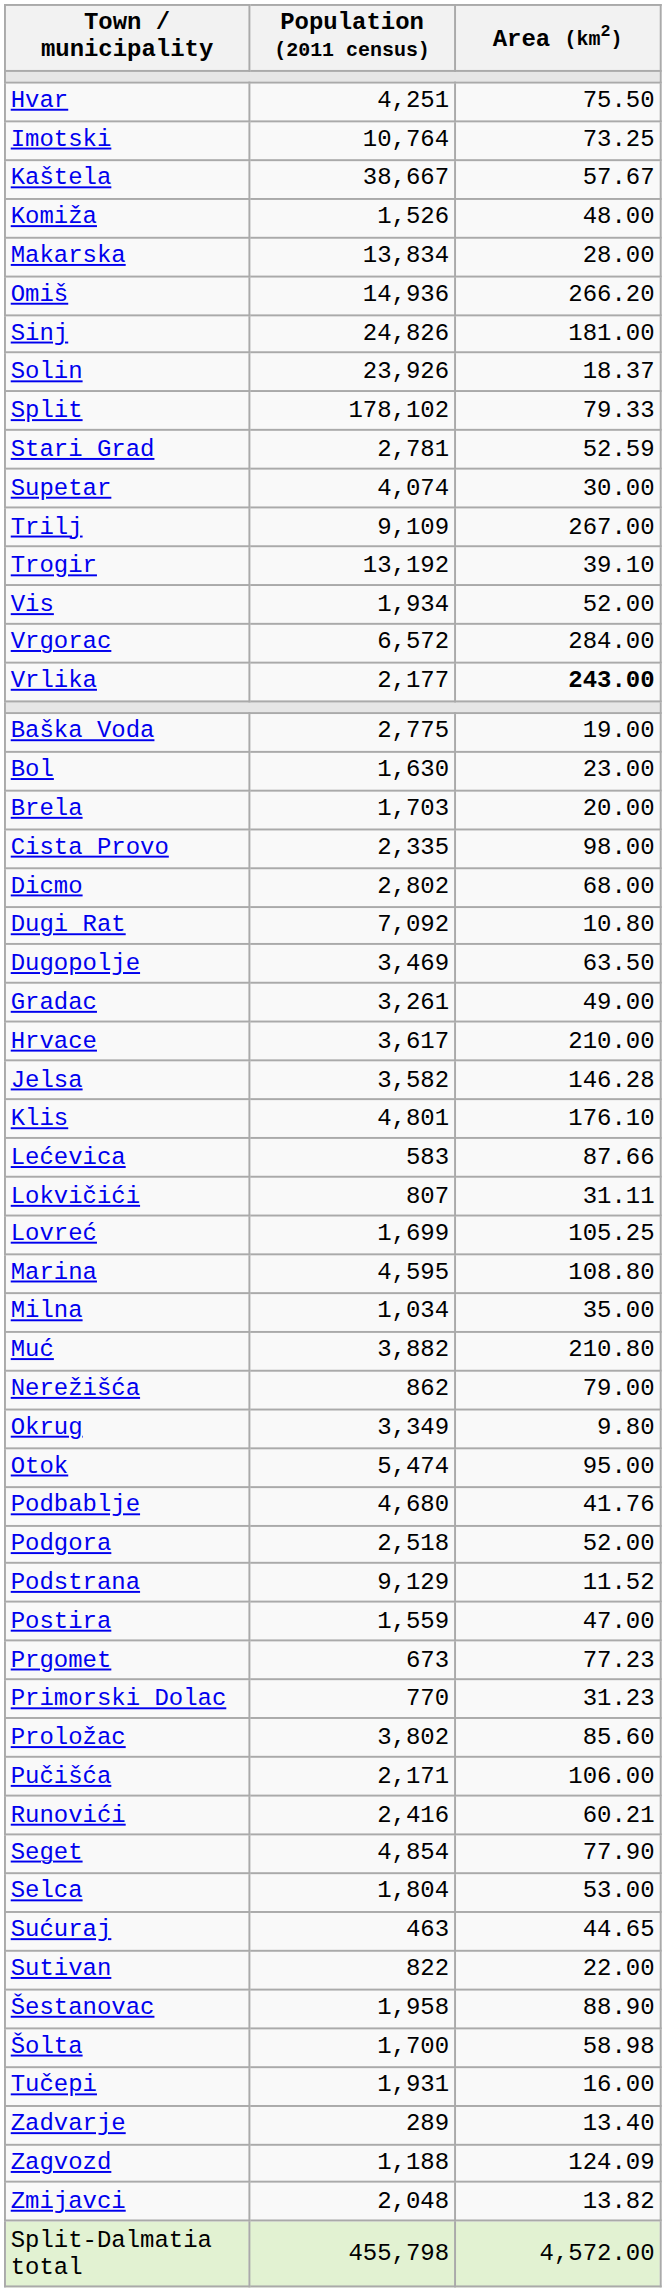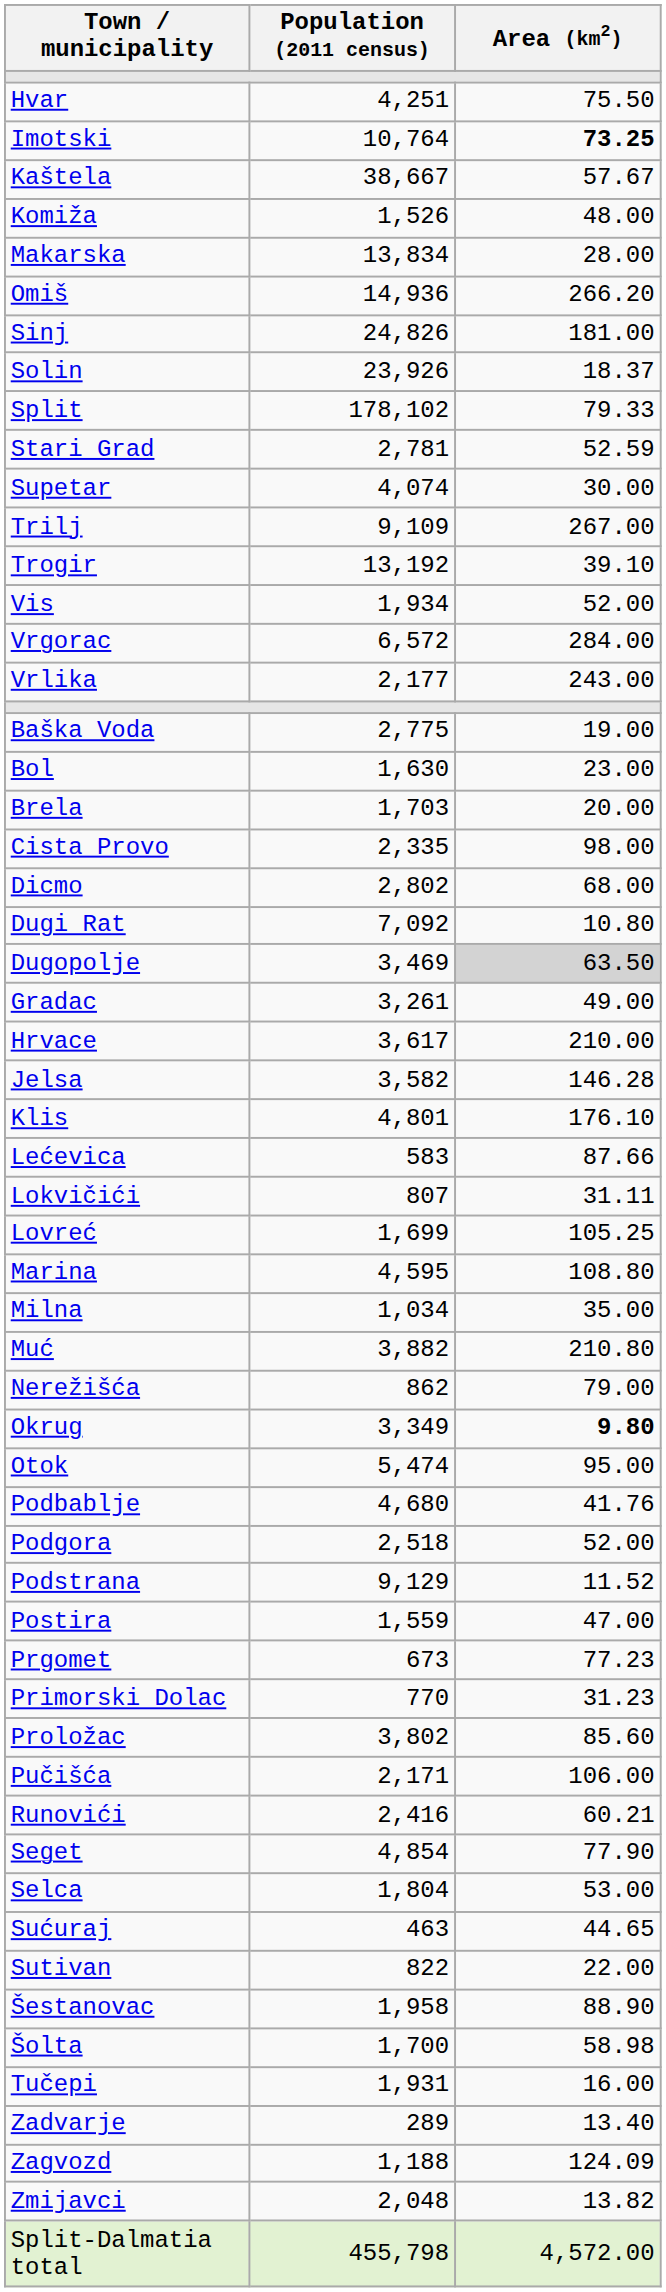 <table class="wikitable sortable" style="text-align: left; font-size: 95%;">
 <tr>
 <th width=120px>Town / municipality</th>
 <th width=100px>Population<br> <small>(2011 census)</small></th>
 <th width=100px>Area <small>(km<sup>2</sup>)</small></th>
 </tr>
 <tr>
 <td colspan="4" bgcolor=#E6E6E6></td>
 </tr>
 <tr>
 <td><a href='#'>Hvar</a></td>
 <td align=right>4,251</td>
 <td align=right>75.50</td>
 </tr>
 <tr>
 <td><a href='#'>Imotski</a></td>
 <td align=right>10,764</td>
-<td align=right>73.25</td>
+<td align=right><strong>73.25</strong></td>
 </tr>
 <tr>
 <td><a href='#'>Kaštela</a></td>
 <td align=right>38,667</td>
 <td align=right>57.67</td>
 </tr>
 <tr>
 <td><a href='#'>Komiža</a></td>
 <td align=right>1,526</td>
 <td align=right>48.00</td>
 </tr>
 <tr>
 <td><a href='#'>Makarska</a></td>
 <td align=right>13,834</td>
 <td align=right>28.00</td>
 </tr>
 <tr>
 <td><a href='#'>Omiš</a></td>
 <td align=right>14,936</td>
 <td align=right>266.20</td>
 </tr>
 <tr>
 <td><a href='#'>Sinj</a></td>
 <td align=right>24,826</td>
 <td align=right>181.00</td>
 </tr>
 <tr>
 <td><a href='#'>Solin</a></td>
 <td align=right>23,926</td>
 <td align=right>18.37</td>
 </tr>
 <tr>
 <td><a href='#'>Split</a></td>
 <td align=right>178,102</td>
 <td align=right>79.33</td>
 </tr>
 <tr>
 <td><a href='#'>Stari Grad</a></td>
 <td align=right>2,781</td>
 <td align=right>52.59</td>
 </tr>
 <tr>
 <td><a href='#'>Supetar</a></td>
 <td align=right>4,074</td>
 <td align=right>30.00</td>
 </tr>
 <tr>
 <td><a href='#'>Trilj</a></td>
 <td align=right>9,109</td>
 <td align=right>267.00</td>
 </tr>
 <tr>
 <td><a href='#'>Trogir</a></td>
 <td align=right>13,192</td>
 <td align=right>39.10</td>
 </tr>
 <tr>
 <td><a href='#'>Vis</a></td>
 <td align=right>1,934</td>
 <td align=right>52.00</td>
 </tr>
 <tr>
 <td><a href='#'>Vrgorac</a></td>
 <td align=right>6,572</td>
 <td align=right>284.00</td>
 </tr>
 <tr>
 <td><a href='#'>Vrlika</a></td>
 <td align=right>2,177</td>
-<td align=right><strong>243.00</strong></td>
+<td align=right>243.00</td>
 </tr>
 <tr>
 <td colspan="4" bgcolor=#E6E6E6></td>
 </tr>
 <tr>
 <td><a href='#'>Baška Voda</a></td>
 <td align=right>2,775</td>
 <td align=right>19.00</td>
 </tr>
 <tr>
 <td><a href='#'>Bol</a></td>
 <td align=right>1,630</td>
 <td align=right>23.00</td>
 </tr>
 <tr>
 <td><a href='#'>Brela</a></td>
 <td align=right>1,703</td>
 <td align=right>20.00</td>
 </tr>
 <tr>
 <td><a href='#'>Cista Provo</a></td>
 <td align=right>2,335</td>
 <td align=right>98.00</td>
 </tr>
 <tr>
 <td><a href='#'>Dicmo</a></td>
 <td align=right>2,802</td>
 <td align=right>68.00</td>
 </tr>
 <tr>
 <td><a href='#'>Dugi Rat</a></td>
 <td align=right>7,092</td>
 <td align=right>10.80</td>
 </tr>
 <tr>
 <td><a href='#'>Dugopolje</a></td>
 <td align=right>3,469</td>
-<td align=right>63.50</td>
+<td align=right style="background: lightgrey;">63.50</td>
 </tr>
 <tr>
 <td><a href='#'>Gradac</a></td>
 <td align=right>3,261</td>
 <td align=right>49.00</td>
 </tr>
 <tr>
 <td><a href='#'>Hrvace</a></td>
 <td align=right>3,617</td>
 <td align=right>210.00</td>
 </tr>
 <tr>
 <td><a href='#'>Jelsa</a></td>
 <td align=right>3,582</td>
 <td align=right>146.28</td>
 </tr>
 <tr>
 <td><a href='#'>Klis</a></td>
 <td align=right>4,801</td>
 <td align=right>176.10</td>
 </tr>
 <tr>
 <td><a href='#'>Lećevica</a></td>
 <td align=right>583</td>
 <td align=right>87.66</td>
 </tr>
 <tr>
 <td><a href='#'>Lokvičići</a></td>
 <td align=right>807</td>
 <td align=right>31.11</td>
 </tr>
 <tr>
 <td><a href='#'>Lovreć</a></td>
 <td align=right>1,699</td>
 <td align=right>105.25</td>
 </tr>
 <tr>
 <td><a href='#'>Marina</a></td>
 <td align=right>4,595</td>
 <td align=right>108.80</td>
 </tr>
 <tr>
 <td><a href='#'>Milna</a></td>
 <td align=right>1,034</td>
 <td align=right>35.00</td>
 </tr>
 <tr>
 <td><a href='#'>Muć</a></td>
 <td align=right>3,882</td>
 <td align=right>210.80</td>
 </tr>
 <tr>
 <td><a href='#'>Nerežišća</a></td>
 <td align=right>862</td>
 <td align=right>79.00</td>
 </tr>
 <tr>
 <td><a href='#'>Okrug</a></td>
 <td align=right>3,349</td>
-<td align=right>9.80</td>
+<td align=right><strong>9.80</strong></td>
 </tr>
 <tr>
 <td><a href='#'>Otok</a></td>
 <td align=right>5,474</td>
 <td align=right>95.00</td>
 </tr>
 <tr>
 <td><a href='#'>Podbablje</a></td>
 <td align=right>4,680</td>
 <td align=right>41.76</td>
 </tr>
 <tr>
 <td><a href='#'>Podgora</a></td>
 <td align=right>2,518</td>
 <td align=right>52.00</td>
 </tr>
 <tr>
 <td><a href='#'>Podstrana</a></td>
 <td align=right>9,129</td>
 <td align=right>11.52</td>
 </tr>
 <tr>
 <td><a href='#'>Postira</a></td>
 <td align=right>1,559</td>
 <td align=right>47.00</td>
 </tr>
 <tr>
 <td><a href='#'>Prgomet</a></td>
 <td align=right>673</td>
 <td align=right>77.23</td>
 </tr>
 <tr>
 <td><a href='#'>Primorski Dolac</a></td>
 <td align=right>770</td>
 <td align=right>31.23</td>
 </tr>
 <tr>
 <td><a href='#'>Proložac</a></td>
 <td align=right>3,802</td>
 <td align=right>85.60</td>
 </tr>
 <tr>
 <td><a href='#'>Pučišća</a></td>
 <td align=right>2,171</td>
 <td align=right>106.00</td>
 </tr>
 <tr>
 <td><a href='#'>Runovići</a></td>
 <td align=right>2,416</td>
 <td align=right>60.21</td>
 </tr>
 <tr>
 <td><a href='#'>Seget</a></td>
 <td align=right>4,854</td>
 <td align=right>77.90</td>
 </tr>
 <tr>
 <td><a href='#'>Selca</a></td>
 <td align=right>1,804</td>
 <td align=right>53.00</td>
 </tr>
 <tr>
 <td><a href='#'>Sućuraj</a></td>
 <td align=right>463</td>
 <td align=right>44.65</td>
 </tr>
 <tr>
 <td><a href='#'>Sutivan</a></td>
 <td align=right>822</td>
 <td align=right>22.00</td>
 </tr>
 <tr>
 <td><a href='#'>Šestanovac</a></td>
 <td align=right>1,958</td>
 <td align=right>88.90</td>
 </tr>
 <tr>
 <td><a href='#'>Šolta</a></td>
 <td align=right>1,700</td>
 <td align=right>58.98</td>
 </tr>
 <tr>
 <td><a href='#'>Tučepi</a></td>
 <td align=right>1,931</td>
 <td align=right>16.00</td>
 </tr>
 <tr>
 <td><a href='#'>Zadvarje</a></td>
 <td align=right>289</td>
 <td align=right>13.40</td>
 </tr>
 <tr>
 <td><a href='#'>Zagvozd</a></td>
 <td align=right>1,188</td>
 <td align=right>124.09</td>
 </tr>
 <tr>
 <td><a href='#'>Zmijavci</a></td>
 <td align=right>2,048</td>
 <td align=right>13.82</td>
 </tr>
 <tr bgcolor=#E2F2D2>
 <td>Split-Dalmatia total</td>
 <td align=right>455,798</td>
 <td align=right>4,572.00</td>
 </tr>
 </table>
